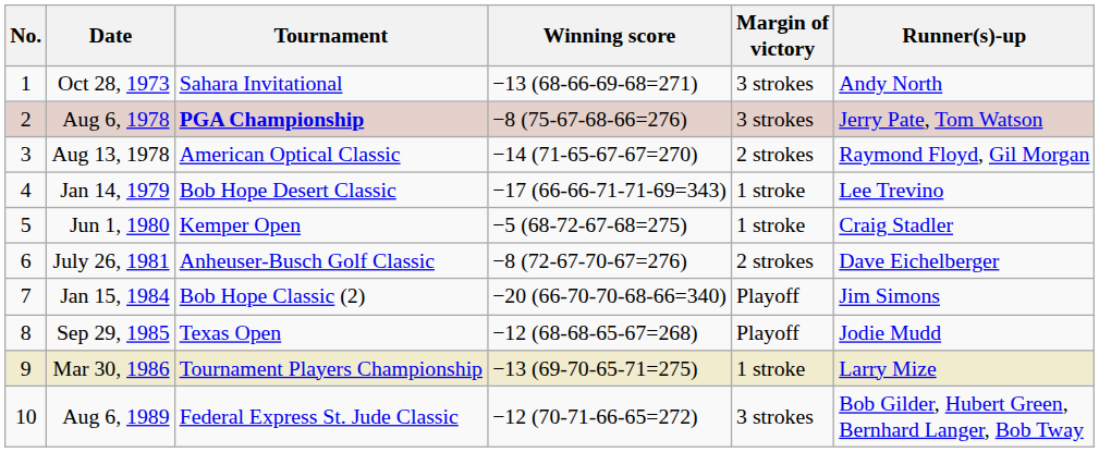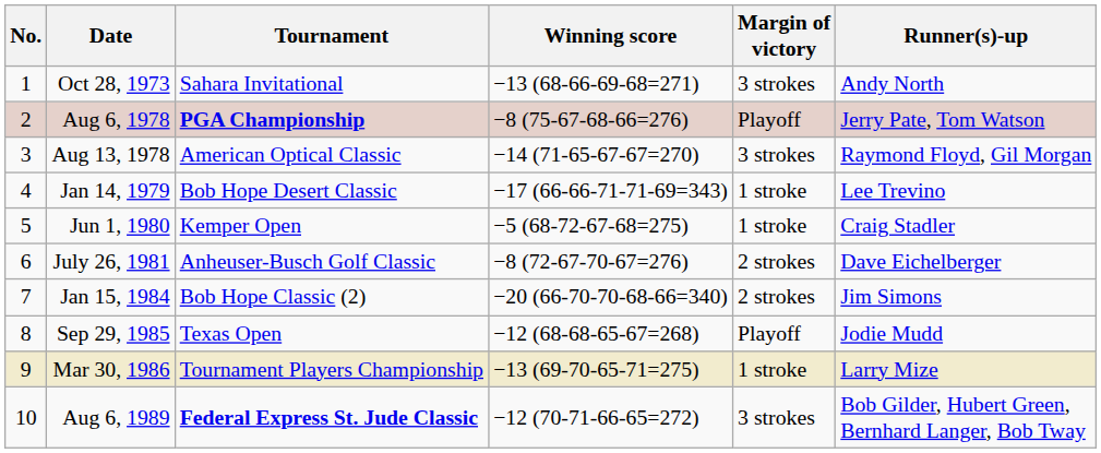 <table class="wikitable" style="font-size:95%;">
 <tr>
 <th>No.</th>
 <th>Date</th>
 <th>Tournament</th>
 <th>Winning score</th>
 <th>Margin of<br>victory</th>
 <th>Runner(s)-up</th>
 </tr>
 <tr>
 <td align=center>1</td>
 <td align=right>Oct 28, <a href='#'>1973</a></td>
 <td><a href='#'>Sahara Invitational</a></td>
 <td>−13 (68-66-69-68=271)</td>
 <td>3 strokes</td>
 <td> <a href='#'>Andy North</a></td>
 </tr>
 <tr style="background:#e5d1cb;">
 <td align=center>2</td>
 <td align=right>Aug 6, <a href='#'>1978</a></td>
 <td><strong><a href='#'>PGA Championship</a></strong></td>
 <td>−8 (75-67-68-66=276)</td>
-<td>3 strokes</td>
+<td>Playoff</td>
 <td> <a href='#'>Jerry Pate</a>,  <a href='#'>Tom Watson</a></td>
 </tr>
 <tr>
 <td align=center>3</td>
 <td align=right>Aug 13, 1978</td>
 <td><a href='#'>American Optical Classic</a></td>
 <td>−14 (71-65-67-67=270)</td>
-<td>2 strokes</td>
+<td>3 strokes</td>
 <td> <a href='#'>Raymond Floyd</a>,  <a href='#'>Gil Morgan</a></td>
 </tr>
 <tr>
 <td align=center>4</td>
 <td align=right>Jan 14, <a href='#'>1979</a></td>
 <td><a href='#'>Bob Hope Desert Classic</a></td>
 <td>−17 (66-66-71-71-69=343)</td>
 <td>1 stroke</td>
 <td> <a href='#'>Lee Trevino</a></td>
 </tr>
 <tr>
 <td align=center>5</td>
 <td align=right>Jun 1, <a href='#'>1980</a></td>
 <td><a href='#'>Kemper Open</a></td>
 <td>−5 (68-72-67-68=275)</td>
 <td>1 stroke</td>
 <td> <a href='#'>Craig Stadler</a></td>
 </tr>
 <tr>
 <td align=center>6</td>
 <td align=right>July 26, <a href='#'>1981</a></td>
 <td><a href='#'>Anheuser-Busch Golf Classic</a></td>
 <td>−8 (72-67-70-67=276)</td>
 <td>2 strokes</td>
 <td> <a href='#'>Dave Eichelberger</a></td>
 </tr>
 <tr>
 <td align=center>7</td>
 <td align=right>Jan 15, <a href='#'>1984</a></td>
 <td><a href='#'>Bob Hope Classic</a> (2)</td>
 <td>−20 (66-70-70-68-66=340)</td>
-<td>Playoff</td>
+<td>2 strokes</td>
 <td> <a href='#'>Jim Simons</a></td>
 </tr>
 <tr>
 <td align=center>8</td>
 <td align=right>Sep 29, <a href='#'>1985</a></td>
 <td><a href='#'>Texas Open</a></td>
 <td>−12 (68-68-65-67=268)</td>
 <td>Playoff</td>
 <td> <a href='#'>Jodie Mudd</a></td>
 </tr>
 <tr style="background:#f2ecce;">
 <td align=center>9</td>
 <td align=right>Mar 30, <a href='#'>1986</a></td>
 <td><a href='#'>Tournament Players Championship</a></td>
 <td>−13 (69-70-65-71=275)</td>
 <td>1 stroke</td>
 <td> <a href='#'>Larry Mize</a></td>
 </tr>
 <tr>
 <td align=center>10</td>
 <td align=right>Aug 6, <a href='#'>1989</a></td>
-<td><a href='#'>Federal Express St. Jude Classic</a></td>
+<td><strong><a href='#'>Federal Express St. Jude Classic</a></strong></td>
 <td>−12 (70-71-66-65=272)</td>
 <td>3 strokes</td>
 <td> <a href='#'>Bob Gilder</a>,  <a href='#'>Hubert Green</a>,<br> <a href='#'>Bernhard Langer</a>,  <a href='#'>Bob Tway</a></td>
 </tr>
 </table>
